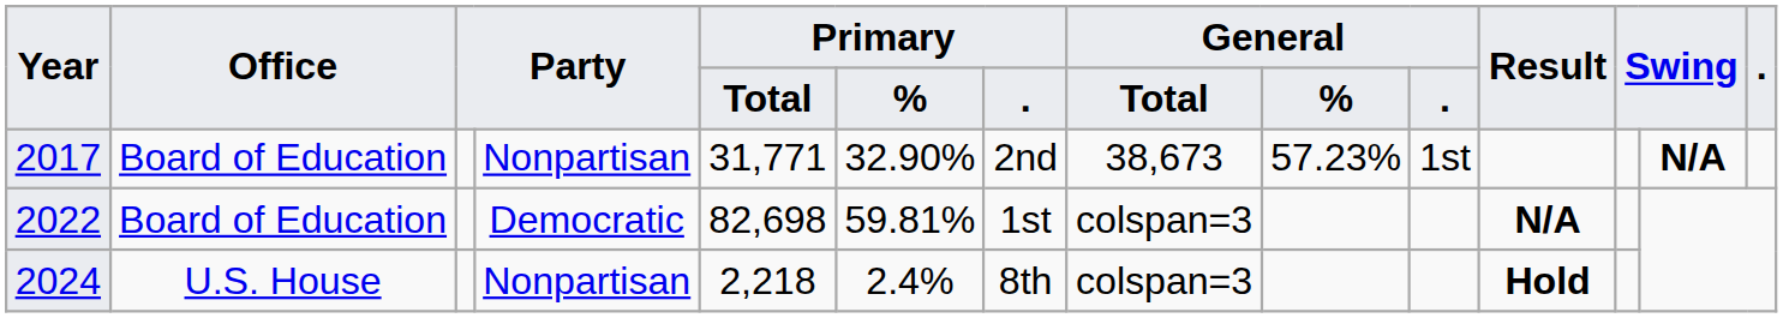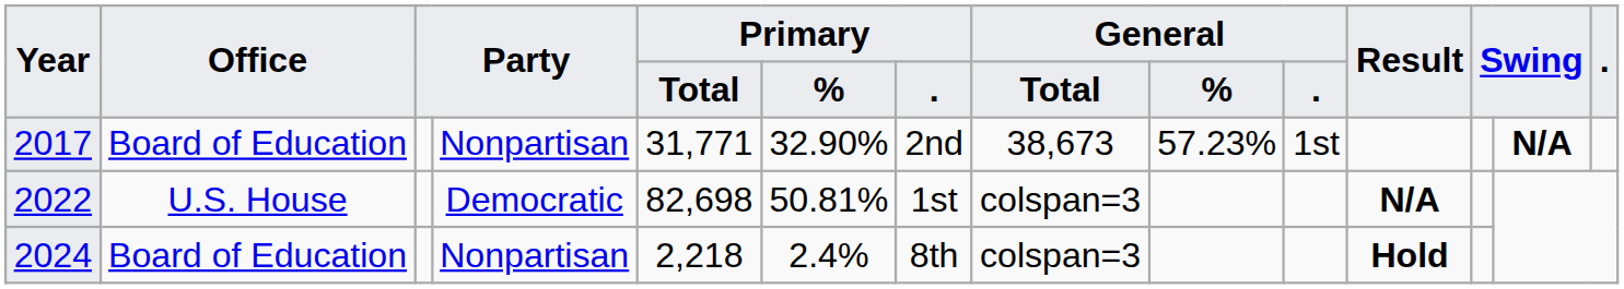 <table class="wikitable" style="font-size:90%; text-align:center;">
 <tr>
 <th style="background-color:#EAECF0;" rowspan=2>Year</th>
 <th style="background-color:#EAECF0;" rowspan=2>Office</th>
 <th style="background-color:#EAECF0;" colspan=2 rowspan=2>Party</th>
 <th style="background-color:#EAECF0;" colspan=3>Primary</th>
 <th style="background-color:#EAECF0;" colspan=3>General</th>
 <th style="background-color:#EAECF0;" rowspan=2>Result</th>
 <th style="background-color:#EAECF0;" colspan=2 rowspan=2><a href='#'>Swing</a></th>
 <th style="background-color:#EAECF0;" rowspan=2>.</th>
 </tr>
 <tr>
 <th style="background-color:#EAECF0;">Total</th>
 <th style="background-color:#EAECF0;">%</th>
 <th style="background-color:#EAECF0;">.</th>
 <th style="background-color:#EAECF0;">Total</th>
 <th style="background-color:#EAECF0;">%</th>
 <th style="background-color:#EAECF0;">.</th>
 </tr>
 <tr>
 <td style="background-color:#EAECF0;"><a href='#'>2017</a></td>
 <td><a href='#'>Board of Education</a></td>
 <td style="background-color:"></td>
 <td><a href='#'>Nonpartisan</a></td>
 <td>31,771</td>
 <td>32.90%</td>
 <td>2nd</td>
 <td>38,673</td>
 <td>57.23%</td>
 <td>1st</td>
 <td></td>
 <td style="background-color:"></td>
 <td><strong>N/A</strong></td>
 <td></td>
 </tr>
 <tr>
 <td style="background-color:#EAECF0;"><a href='#'>2022</a></td>
-<td><a href='#'>Board of Education</a></td>
+<td><a href='#'>U.S. House</a></td>
 <td style="background-color:"></td>
 <td><a href='#'>Democratic</a></td>
 <td>82,698</td>
-<td>59.81%</td>
+<td>50.81%</td>
 <td>1st</td>
 <td>colspan=3 </td>
 <td></td>
 <td style="background-color:"></td>
 <td><strong>N/A</strong></td>
 <td></td>
 </tr>
 <tr>
 <td style="background-color:#EAECF0;"><a href='#'>2024</a></td>
-<td><a href='#'>U.S. House</a></td>
+<td><a href='#'>Board of Education</a></td>
 <td style="background-color:"></td>
 <td><a href='#'>Nonpartisan</a></td>
 <td>2,218</td>
 <td>2.4%</td>
 <td>8th</td>
 <td>colspan=3 </td>
 <td></td>
 <td style="background-color:"></td>
 <td><strong>Hold</strong></td>
 <td></td>
 </tr>
 </table>
